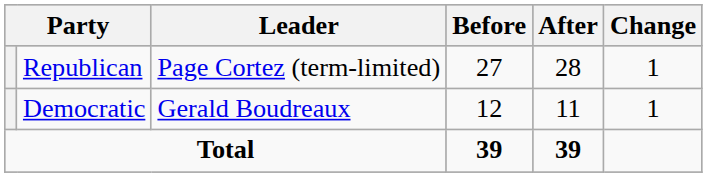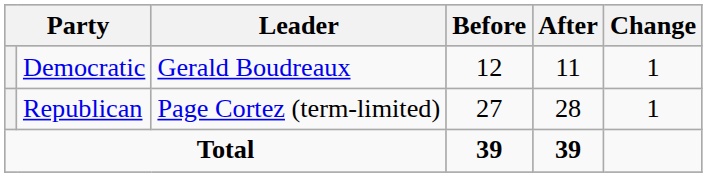 <table class="wikitable" style="text-align:center;">
 <tr>
 <th colspan="2">Party</th>
 <th>Leader</th>
 <th>Before</th>
 <th>After</th>
 <th>Change</th>
 </tr>
 <tr>
 <th style="background-color:"></th>
+<td style="text-align:left;"><a href='#'>Democratic</a></td>
+<td style="text-align:left;"><a href='#'>Gerald Boudreaux</a></td>
+<td>12</td>
+<td>11</td>
+<td> 1</td>
+</tr>
+<tr>
+<th style="background-color:"></th>
 <td style="text-align:left;"><a href='#'>Republican</a></td>
 <td style="text-align:left;"><a href='#'>Page Cortez</a> (term-limited)</td>
 <td>27</td>
 <td>28</td>
-<td> 1</td>
-</tr>
-<tr>
-<th style="background-color:"></th>
-<td style="text-align:left;"><a href='#'>Democratic</a></td>
-<td style="text-align:left;"><a href='#'>Gerald Boudreaux</a></td>
-<td>12</td>
-<td>11</td>
 <td> 1</td>
 </tr>
 <tr>
 <td colspan="3"><strong>Total</strong></td>
 <td><strong>39</strong></td>
 <td><strong>39</strong></td>
 <td></td>
 </tr>
 </table>
